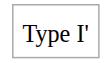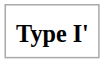 <table class="infobox" style="background:#fff">
 <tr style="padding:1em">
 <td></td>
 </tr>
 <tr>
-<td>Type I'</td>
+<td><strong>Type I'</strong></td>
 </tr>
 </table>
